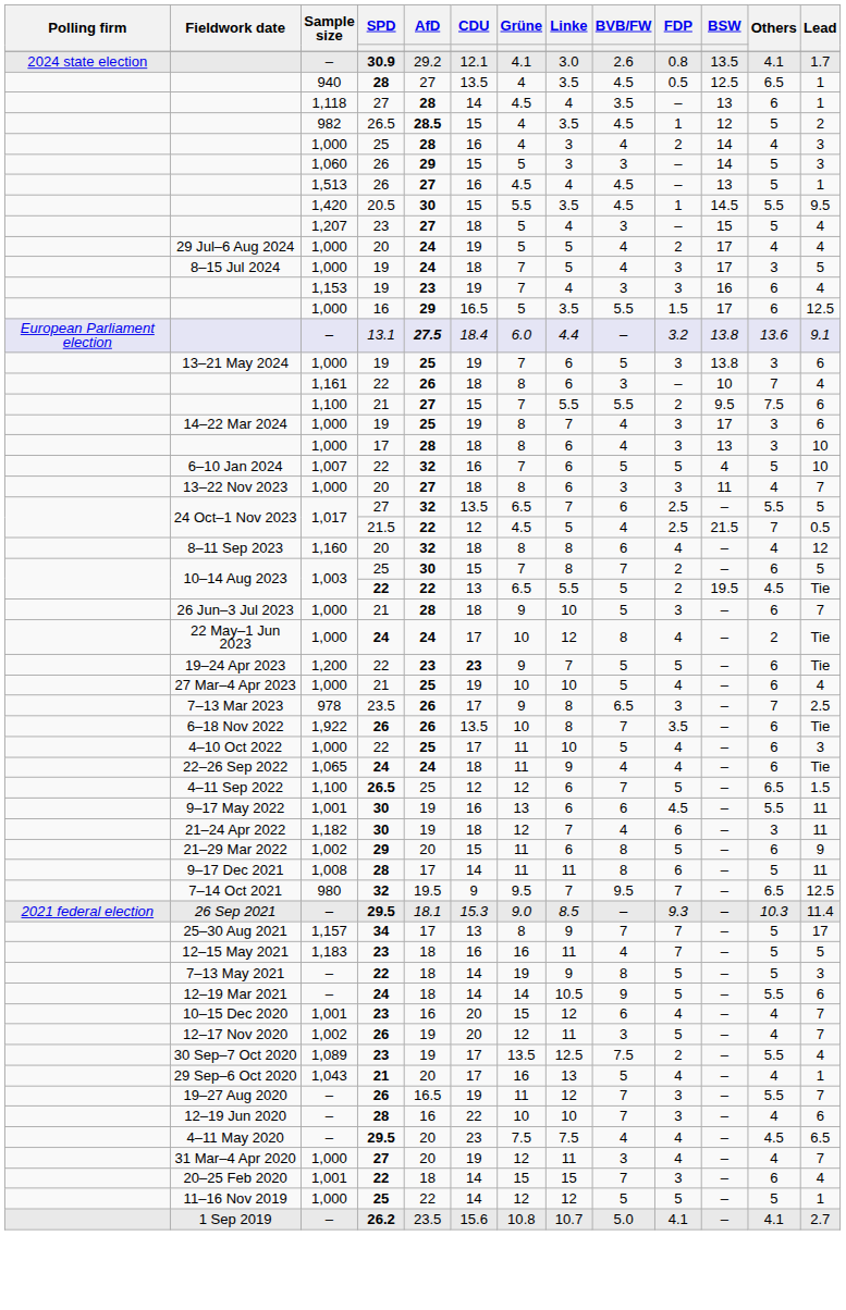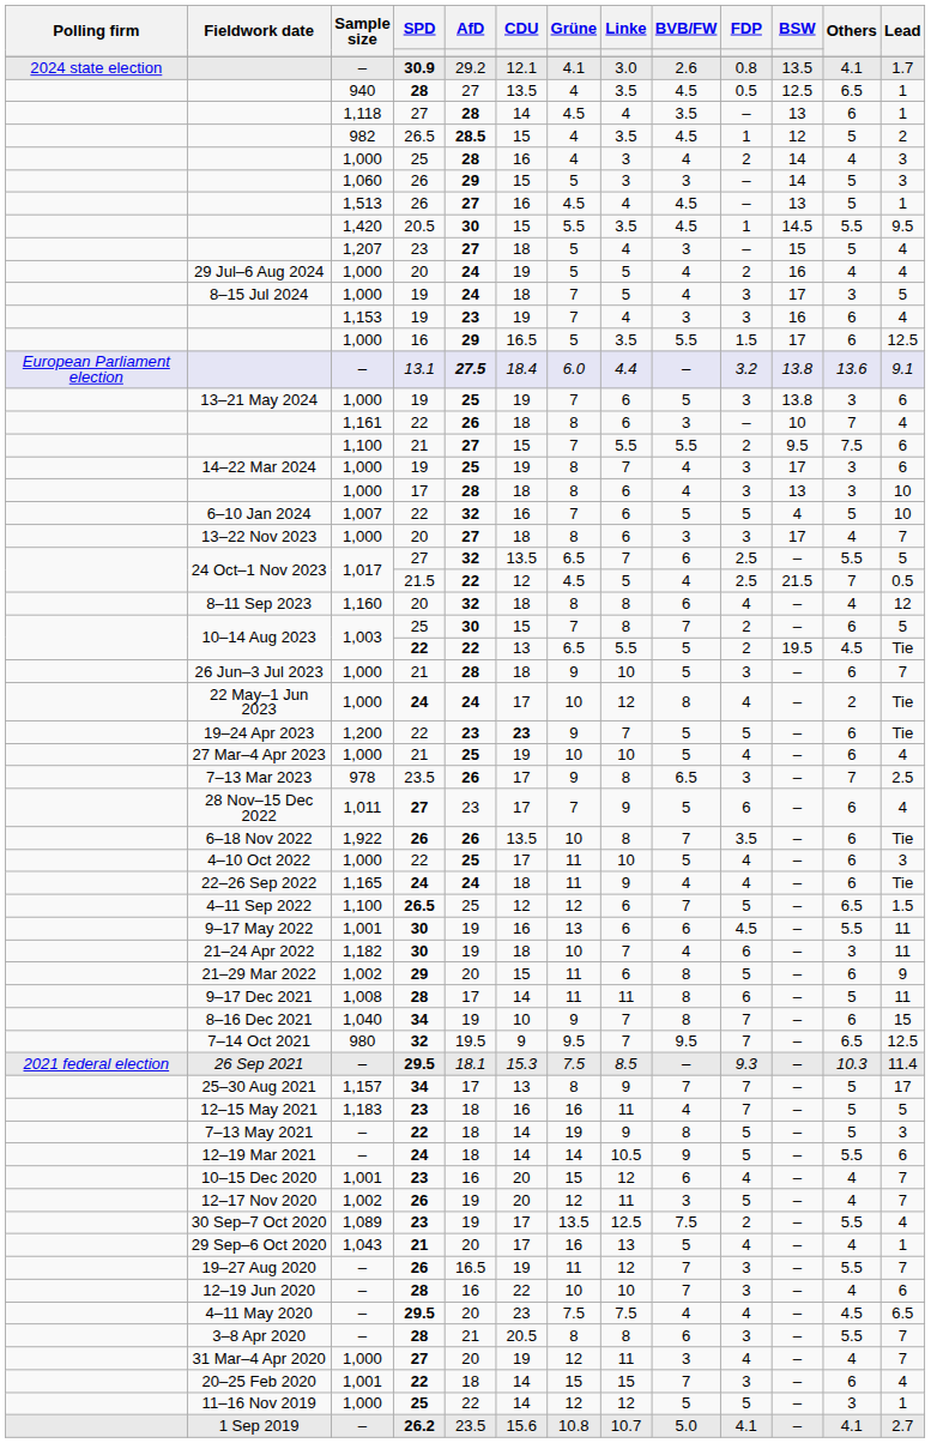 <table class="wikitable sortable" style="text-align:center;font-size:90%;line-height:14px;">
 <tr style="height:40px;">
 <th style="width:160px;" rowspan="2">Polling firm</th>
 <th style="width:125px;" rowspan="2">Fieldwork date</th>
 <th style="width:35px;" rowspan="2">Sample<br>size</th>
 <th class="unsortable" style="width:40px;"><a href='#'>SPD</a></th>
 <th class="unsortable" style="width:40px;"><a href='#'>AfD</a></th>
 <th class="unsortable" style="width:40px;"><a href='#'>CDU</a></th>
 <th class="unsortable" style="width:40px;"><a href='#'>Grüne</a></th>
 <th class="unsortable" style="width:40px;"><a href='#'>Linke</a></th>
 <th class="unsortable" style="width:40px;"><a href='#'>BVB/FW</a></th>
 <th class="unsortable" style="width:40px;"><a href='#'>FDP</a></th>
 <th class="unsortable" style="width:40px;"><a href='#'>BSW</a></th>
 <th rowspan="2" class="unsortable" style="width:40px;">Others</th>
 <th style="width:30px;" rowspan="2">Lead</th>
 </tr>
 <tr>
 <th style="background:"></th>
 <th style="background:"></th>
 <th style="background:"></th>
 <th style="background:"></th>
 <th style="background:"></th>
 <th style="background:"></th>
 <th style="background:"></th>
 <th style="background:"></th>
 </tr>
 <tr>
 </tr>
 <tr style="background:#E9E9E9;">
 <td><a href='#'>2024 state election</a></td>
 <td></td>
 <td>–</td>
 <td><strong>30.9</strong></td>
 <td>29.2</td>
 <td>12.1</td>
 <td>4.1</td>
 <td>3.0</td>
 <td>2.6</td>
 <td>0.8</td>
 <td>13.5</td>
 <td>4.1</td>
 <td style="background:">1.7</td>
 </tr>
 <tr>
 <td></td>
 <td></td>
 <td>940</td>
 <td><strong>28</strong></td>
 <td>27</td>
 <td>13.5</td>
 <td>4</td>
 <td>3.5</td>
 <td>4.5</td>
 <td>0.5</td>
 <td>12.5</td>
 <td>6.5</td>
 <td style="background:">1</td>
 </tr>
 <tr>
 <td></td>
 <td></td>
 <td>1,118</td>
 <td>27</td>
 <td><strong>28</strong></td>
 <td>14</td>
 <td>4.5</td>
 <td>4</td>
 <td>3.5</td>
 <td>–</td>
 <td>13</td>
 <td>6</td>
 <td style="background:">1</td>
 </tr>
 <tr>
 <td></td>
 <td></td>
 <td>982</td>
 <td>26.5</td>
 <td><strong>28.5</strong></td>
 <td>15</td>
 <td>4</td>
 <td>3.5</td>
 <td>4.5</td>
 <td>1</td>
 <td>12</td>
 <td>5</td>
 <td style="background:">2</td>
 </tr>
 <tr>
 <td></td>
 <td></td>
 <td>1,000</td>
 <td>25</td>
 <td><strong>28</strong></td>
 <td>16</td>
 <td>4</td>
 <td>3</td>
 <td>4</td>
 <td>2</td>
 <td>14</td>
 <td>4</td>
 <td style="background:">3</td>
 </tr>
 <tr>
 <td></td>
 <td></td>
 <td>1,060</td>
 <td>26</td>
 <td><strong>29</strong></td>
 <td>15</td>
 <td>5</td>
 <td>3</td>
 <td>3</td>
 <td>–</td>
 <td>14</td>
 <td>5</td>
 <td style="background:">3</td>
 </tr>
 <tr>
 <td></td>
 <td></td>
 <td>1,513</td>
 <td>26</td>
 <td><strong>27</strong></td>
 <td>16</td>
 <td>4.5</td>
 <td>4</td>
 <td>4.5</td>
 <td>–</td>
 <td>13</td>
 <td>5</td>
 <td style="background:">1</td>
 </tr>
 <tr>
 <td></td>
 <td></td>
 <td>1,420</td>
 <td>20.5</td>
 <td><strong>30</strong></td>
 <td>15</td>
 <td>5.5</td>
 <td>3.5</td>
 <td>4.5</td>
 <td>1</td>
 <td>14.5</td>
 <td>5.5</td>
 <td style="background:">9.5</td>
 </tr>
 <tr>
 <td></td>
 <td></td>
 <td>1,207</td>
 <td>23</td>
 <td><strong>27</strong></td>
 <td>18</td>
 <td>5</td>
 <td>4</td>
 <td>3</td>
 <td>–</td>
 <td>15</td>
 <td>5</td>
 <td style="background:">4</td>
 </tr>
 <tr>
 <td></td>
 <td>29 Jul–6 Aug 2024</td>
 <td>1,000</td>
 <td>20</td>
 <td><strong>24</strong></td>
 <td>19</td>
 <td>5</td>
 <td>5</td>
 <td>4</td>
 <td>2</td>
-<td>17</td>
+<td>16</td>
 <td>4</td>
 <td style="background:">4</td>
 </tr>
 <tr>
 <td></td>
 <td>8–15 Jul 2024</td>
 <td>1,000</td>
 <td>19</td>
 <td><strong>24</strong></td>
 <td>18</td>
 <td>7</td>
 <td>5</td>
 <td>4</td>
 <td>3</td>
 <td>17</td>
 <td>3</td>
 <td style="background:">5</td>
 </tr>
 <tr>
 <td></td>
 <td></td>
 <td>1,153</td>
 <td>19</td>
 <td><strong>23</strong></td>
 <td>19</td>
 <td>7</td>
 <td>4</td>
 <td>3</td>
 <td>3</td>
 <td>16</td>
 <td>6</td>
 <td style="background:">4</td>
 </tr>
 <tr>
 <td></td>
 <td></td>
 <td>1,000</td>
 <td>16</td>
 <td><strong>29</strong></td>
 <td>16.5</td>
 <td>5</td>
 <td>3.5</td>
 <td>5.5</td>
 <td>1.5</td>
 <td>17</td>
 <td>6</td>
 <td style="background:">12.5</td>
 </tr>
 <tr style="background:#E5E5F5;font-style:italic;">
 <td><a href='#'>European Parliament election</a></td>
 <td></td>
 <td>–</td>
 <td>13.1</td>
 <td><strong>27.5</strong></td>
 <td>18.4</td>
 <td>6.0</td>
 <td>4.4</td>
 <td>–</td>
 <td>3.2</td>
 <td>13.8</td>
 <td>13.6</td>
 <td style="background:">9.1</td>
 </tr>
 <tr>
 <td></td>
 <td>13–21 May 2024</td>
 <td>1,000</td>
 <td>19</td>
 <td><strong>25</strong></td>
 <td>19</td>
 <td>7</td>
 <td>6</td>
 <td>5</td>
 <td>3</td>
 <td>13.8</td>
 <td>3</td>
 <td style="background:">6</td>
 </tr>
 <tr>
 <td></td>
 <td></td>
 <td>1,161</td>
 <td>22</td>
 <td><strong>26</strong></td>
 <td>18</td>
 <td>8</td>
 <td>6</td>
 <td>3</td>
 <td>–</td>
 <td>10</td>
 <td>7</td>
 <td style="background:">4</td>
 </tr>
 <tr>
 <td></td>
 <td></td>
 <td>1,100</td>
 <td>21</td>
 <td><strong>27</strong></td>
 <td>15</td>
 <td>7</td>
 <td>5.5</td>
 <td>5.5</td>
 <td>2</td>
 <td>9.5</td>
 <td>7.5</td>
 <td style="background:">6</td>
 </tr>
 <tr>
 <td></td>
 <td>14–22 Mar 2024</td>
 <td>1,000</td>
 <td>19</td>
 <td><strong>25</strong></td>
 <td>19</td>
 <td>8</td>
 <td>7</td>
 <td>4</td>
 <td>3</td>
 <td>17</td>
 <td>3</td>
 <td style="background:">6</td>
 </tr>
 <tr>
 <td></td>
 <td></td>
 <td>1,000</td>
 <td>17</td>
 <td><strong>28</strong></td>
 <td>18</td>
 <td>8</td>
 <td>6</td>
 <td>4</td>
 <td>3</td>
 <td>13</td>
 <td>3</td>
 <td style="background:">10</td>
 </tr>
 <tr>
 <td></td>
 <td>6–10 Jan 2024</td>
 <td>1,007</td>
 <td>22</td>
 <td><strong>32</strong></td>
 <td>16</td>
 <td>7</td>
 <td>6</td>
 <td>5</td>
 <td>5</td>
 <td>4</td>
 <td>5</td>
 <td style="background:">10</td>
 </tr>
 <tr>
 <td></td>
 <td>13–22 Nov 2023</td>
 <td>1,000</td>
 <td>20</td>
 <td><strong>27</strong></td>
 <td>18</td>
 <td>8</td>
 <td>6</td>
 <td>3</td>
 <td>3</td>
-<td>11</td>
+<td>17</td>
 <td>4</td>
 <td style="background:">7</td>
 </tr>
 <tr>
 <td rowspan="2"></td>
 <td rowspan="2">24 Oct–1 Nov 2023</td>
 <td rowspan="2">1,017</td>
 <td>27</td>
 <td><strong>32</strong></td>
 <td>13.5</td>
 <td>6.5</td>
 <td>7</td>
 <td>6</td>
 <td>2.5</td>
 <td>–</td>
 <td>5.5</td>
 <td style="background:">5</td>
 </tr>
 <tr>
 <td>21.5</td>
 <td><strong>22</strong></td>
 <td>12</td>
 <td>4.5</td>
 <td>5</td>
 <td>4</td>
 <td>2.5</td>
 <td>21.5</td>
 <td>7</td>
 <td style="background:">0.5</td>
 </tr>
 <tr>
 <td></td>
 <td>8–11 Sep 2023</td>
 <td>1,160</td>
 <td>20</td>
 <td><strong>32</strong></td>
 <td>18</td>
 <td>8</td>
 <td>8</td>
 <td>6</td>
 <td>4</td>
 <td>–</td>
 <td>4</td>
 <td style="background:">12</td>
 </tr>
 <tr>
 <td rowspan="2"></td>
 <td rowspan="2">10–14 Aug 2023</td>
 <td rowspan="2">1,003</td>
 <td>25</td>
 <td><strong>30</strong></td>
 <td>15</td>
 <td>7</td>
 <td>8</td>
 <td>7</td>
 <td>2</td>
 <td>–</td>
 <td>6</td>
 <td style="background:">5</td>
 </tr>
 <tr>
 <td><strong>22</strong></td>
 <td><strong>22</strong></td>
 <td>13</td>
 <td>6.5</td>
 <td>5.5</td>
 <td>5</td>
 <td>2</td>
 <td>19.5</td>
 <td>4.5</td>
 <td>Tie</td>
 </tr>
 <tr>
 <td></td>
 <td>26 Jun–3 Jul 2023</td>
 <td>1,000</td>
 <td>21</td>
 <td><strong>28</strong></td>
 <td>18</td>
 <td>9</td>
 <td>10</td>
 <td>5</td>
 <td>3</td>
 <td>–</td>
 <td>6</td>
 <td style="background:">7</td>
 </tr>
 <tr>
 <td></td>
 <td>22 May–1 Jun 2023</td>
 <td>1,000</td>
 <td><strong>24</strong></td>
 <td><strong>24</strong></td>
 <td>17</td>
 <td>10</td>
 <td>12</td>
 <td>8</td>
 <td>4</td>
 <td>–</td>
 <td>2</td>
 <td>Tie</td>
 </tr>
 <tr>
 <td></td>
 <td>19–24 Apr 2023</td>
 <td>1,200</td>
 <td>22</td>
 <td><strong>23</strong></td>
 <td><strong>23</strong></td>
 <td>9</td>
 <td>7</td>
 <td>5</td>
 <td>5</td>
 <td>–</td>
 <td>6</td>
 <td data-sort-value="0">Tie</td>
 </tr>
 <tr>
 <td></td>
 <td>27 Mar–4 Apr 2023</td>
 <td>1,000</td>
 <td>21</td>
 <td><strong>25</strong></td>
 <td>19</td>
 <td>10</td>
 <td>10</td>
 <td>5</td>
 <td>4</td>
 <td>–</td>
 <td>6</td>
 <td style="background:">4</td>
 </tr>
 <tr>
 <td></td>
 <td>7–13 Mar 2023</td>
 <td>978</td>
 <td>23.5</td>
 <td><strong>26</strong></td>
 <td>17</td>
 <td>9</td>
 <td>8</td>
 <td>6.5</td>
 <td>3</td>
 <td>–</td>
 <td>7</td>
 <td style="background:">2.5</td>
 </tr>
 <tr>
 <td></td>
+<td>28 Nov–15 Dec 2022</td>
+<td>1,011</td>
+<td><strong>27</strong></td>
+<td>23</td>
+<td>17</td>
+<td>7</td>
+<td>9</td>
+<td>5</td>
+<td>6</td>
+<td>–</td>
+<td>6</td>
+<td style="background:">4</td>
+</tr>
+<tr>
+<td></td>
 <td>6–18 Nov 2022</td>
 <td>1,922</td>
 <td><strong>26</strong></td>
 <td><strong>26</strong></td>
 <td>13.5</td>
 <td>10</td>
 <td>8</td>
 <td>7</td>
 <td>3.5</td>
 <td>–</td>
 <td>6</td>
 <td data-sort-value="0">Tie</td>
 </tr>
 <tr>
 <td></td>
 <td>4–10 Oct 2022</td>
 <td>1,000</td>
 <td>22</td>
 <td><strong>25</strong></td>
 <td>17</td>
 <td>11</td>
 <td>10</td>
 <td>5</td>
 <td>4</td>
 <td>–</td>
 <td>6</td>
 <td style="background:">3</td>
 </tr>
 <tr>
 <td></td>
 <td>22–26 Sep 2022</td>
-<td>1,065</td>
+<td>1,165</td>
 <td><strong>24</strong></td>
 <td><strong>24</strong></td>
 <td>18</td>
 <td>11</td>
 <td>9</td>
 <td>4</td>
 <td>4</td>
 <td>–</td>
 <td>6</td>
 <td data-sort-value="0">Tie</td>
 </tr>
 <tr>
 <td></td>
 <td>4–11 Sep 2022</td>
 <td>1,100</td>
 <td><strong>26.5</strong></td>
 <td>25</td>
 <td>12</td>
 <td>12</td>
 <td>6</td>
 <td>7</td>
 <td>5</td>
 <td>–</td>
 <td>6.5</td>
 <td style="background:">1.5</td>
 </tr>
 <tr>
 <td></td>
 <td>9–17 May 2022</td>
 <td>1,001</td>
 <td><strong>30</strong></td>
 <td>19</td>
 <td>16</td>
 <td>13</td>
 <td>6</td>
 <td>6</td>
 <td>4.5</td>
 <td>–</td>
 <td>5.5</td>
 <td style="background:">11</td>
 </tr>
 <tr>
 <td></td>
 <td>21–24 Apr 2022</td>
 <td>1,182</td>
 <td><strong>30</strong></td>
 <td>19</td>
 <td>18</td>
-<td>12</td>
+<td>10</td>
 <td>7</td>
 <td>4</td>
 <td>6</td>
 <td>–</td>
 <td>3</td>
 <td style="background:">11</td>
 </tr>
 <tr>
 <td></td>
 <td>21–29 Mar 2022</td>
 <td>1,002</td>
 <td><strong>29</strong></td>
 <td>20</td>
 <td>15</td>
 <td>11</td>
 <td>6</td>
 <td>8</td>
 <td>5</td>
 <td>–</td>
 <td>6</td>
 <td style="background:">9</td>
 </tr>
 <tr>
 <td></td>
 <td>9–17 Dec 2021</td>
 <td>1,008</td>
 <td><strong>28</strong></td>
 <td>17</td>
 <td>14</td>
 <td>11</td>
 <td>11</td>
 <td>8</td>
 <td>6</td>
 <td>–</td>
 <td>5</td>
 <td style="background:">11</td>
 </tr>
 <tr>
 <td></td>
+<td>8–16 Dec 2021</td>
+<td>1,040</td>
+<td><strong>34</strong></td>
+<td>19</td>
+<td>10</td>
+<td>9</td>
+<td>7</td>
+<td>8</td>
+<td>7</td>
+<td>–</td>
+<td>6</td>
+<td style="background:">15</td>
+</tr>
+<tr>
+<td></td>
 <td>7–14 Oct 2021</td>
 <td>980</td>
 <td><strong>32</strong></td>
 <td>19.5</td>
 <td>9</td>
 <td>9.5</td>
 <td>7</td>
 <td>9.5</td>
 <td>7</td>
 <td>–</td>
 <td>6.5</td>
 <td style="background:">12.5</td>
 </tr>
 <tr style="background:#E9E9E9;">
 <td><a href='#'><em>2021 federal election</em></a></td>
 <td><em>26 Sep 2021</em></td>
 <td><em>–</em></td>
 <td><strong>29.5</strong></td>
 <td><em>18.1</em></td>
 <td><em>15.3</em></td>
-<td><em>9.0</em></td>
+<td><em>7.5</em></td>
 <td><em>8.5</em></td>
 <td><em>–</em></td>
 <td><em>9.3</em></td>
 <td><em>–</em></td>
 <td><em>10.3</em></td>
 <td style="background:">11.4</td>
 </tr>
 <tr>
 <td></td>
 <td>25–30 Aug 2021</td>
 <td>1,157</td>
 <td><strong>34</strong></td>
 <td>17</td>
 <td>13</td>
 <td>8</td>
 <td>9</td>
 <td>7</td>
 <td>7</td>
 <td>–</td>
 <td>5</td>
 <td style="background:">17</td>
 </tr>
 <tr>
 <td></td>
 <td>12–15 May 2021</td>
 <td>1,183</td>
 <td><strong>23</strong></td>
 <td>18</td>
 <td>16</td>
 <td>16</td>
 <td>11</td>
 <td>4</td>
 <td>7</td>
 <td>–</td>
 <td>5</td>
 <td style="background:">5</td>
 </tr>
 <tr>
 <td></td>
 <td>7–13 May 2021</td>
 <td>–</td>
 <td><strong>22</strong></td>
 <td>18</td>
 <td>14</td>
 <td>19</td>
 <td>9</td>
 <td>8</td>
 <td>5</td>
 <td>–</td>
 <td>5</td>
 <td style="background:">3</td>
 </tr>
 <tr>
 <td></td>
 <td>12–19 Mar 2021</td>
 <td>–</td>
 <td><strong>24</strong></td>
 <td>18</td>
 <td>14</td>
 <td>14</td>
 <td>10.5</td>
 <td>9</td>
 <td>5</td>
 <td>–</td>
 <td>5.5</td>
 <td style="background:">6</td>
 </tr>
 <tr>
 <td></td>
 <td>10–15 Dec 2020</td>
 <td>1,001</td>
 <td><strong>23</strong></td>
 <td>16</td>
 <td>20</td>
 <td>15</td>
 <td>12</td>
 <td>6</td>
 <td>4</td>
 <td>–</td>
 <td>4</td>
 <td style="background:">7</td>
 </tr>
 <tr>
 <td></td>
 <td>12–17 Nov 2020</td>
 <td>1,002</td>
 <td><strong>26</strong></td>
 <td>19</td>
 <td>20</td>
 <td>12</td>
 <td>11</td>
 <td>3</td>
 <td>5</td>
 <td>–</td>
 <td>4</td>
 <td style="background:">7</td>
 </tr>
 <tr>
 <td></td>
 <td>30 Sep–7 Oct 2020</td>
 <td>1,089</td>
 <td><strong>23</strong></td>
 <td>19</td>
 <td>17</td>
 <td>13.5</td>
 <td>12.5</td>
 <td>7.5</td>
 <td>2</td>
 <td>–</td>
 <td>5.5</td>
 <td style="background:">4</td>
 </tr>
 <tr>
 <td></td>
 <td>29 Sep–6 Oct 2020</td>
 <td>1,043</td>
 <td><strong>21</strong></td>
 <td>20</td>
 <td>17</td>
 <td>16</td>
 <td>13</td>
 <td>5</td>
 <td>4</td>
 <td>–</td>
 <td>4</td>
 <td style="background:">1</td>
 </tr>
 <tr>
 <td></td>
 <td>19–27 Aug 2020</td>
 <td>–</td>
 <td><strong>26</strong></td>
 <td>16.5</td>
 <td>19</td>
 <td>11</td>
 <td>12</td>
 <td>7</td>
 <td>3</td>
 <td>–</td>
 <td>5.5</td>
 <td style="background:">7</td>
 </tr>
 <tr>
 <td></td>
 <td>12–19 Jun 2020</td>
 <td>–</td>
 <td><strong>28</strong></td>
 <td>16</td>
 <td>22</td>
 <td>10</td>
 <td>10</td>
 <td>7</td>
 <td>3</td>
 <td>–</td>
 <td>4</td>
 <td style="background:">6</td>
 </tr>
 <tr>
 <td></td>
 <td>4–11 May 2020</td>
 <td>–</td>
 <td><strong>29.5</strong></td>
 <td>20</td>
 <td>23</td>
 <td>7.5</td>
 <td>7.5</td>
 <td>4</td>
 <td>4</td>
 <td>–</td>
 <td>4.5</td>
 <td style="background:">6.5</td>
 </tr>
 <tr>
 <td></td>
+<td>3–8 Apr 2020</td>
+<td>–</td>
+<td><strong>28</strong></td>
+<td>21</td>
+<td>20.5</td>
+<td>8</td>
+<td>8</td>
+<td>6</td>
+<td>3</td>
+<td>–</td>
+<td>5.5</td>
+<td style="background:">7</td>
+</tr>
+<tr>
+<td></td>
 <td>31 Mar–4 Apr 2020</td>
 <td>1,000</td>
 <td><strong>27</strong></td>
 <td>20</td>
 <td>19</td>
 <td>12</td>
 <td>11</td>
 <td>3</td>
 <td>4</td>
 <td>–</td>
 <td>4</td>
 <td style="background:">7</td>
 </tr>
 <tr>
 <td></td>
 <td>20–25 Feb 2020</td>
 <td>1,001</td>
 <td><strong>22</strong></td>
 <td>18</td>
 <td>14</td>
 <td>15</td>
 <td>15</td>
 <td>7</td>
 <td>3</td>
 <td>–</td>
 <td>6</td>
 <td style="background:">4</td>
 </tr>
 <tr>
 <td></td>
 <td data-sort-value="2019-08-29">11–16 Nov 2019</td>
 <td>1,000</td>
 <td><strong>25</strong></td>
 <td>22</td>
 <td>14</td>
 <td>12</td>
 <td>12</td>
 <td>5</td>
 <td>5</td>
 <td>–</td>
-<td>5</td>
+<td>3</td>
 <td style="background:">1</td>
 </tr>
 <tr style="background:#E9E9E9;">
 <td></td>
 <td data-sort-value="2019-09-01">1 Sep 2019</td>
 <td>–</td>
 <td><strong>26.2</strong></td>
 <td>23.5</td>
 <td>15.6</td>
 <td>10.8</td>
 <td>10.7</td>
 <td>5.0</td>
 <td>4.1</td>
 <td>–</td>
 <td>4.1</td>
 <td style="background:">2.7</td>
 </tr>
 </table>
